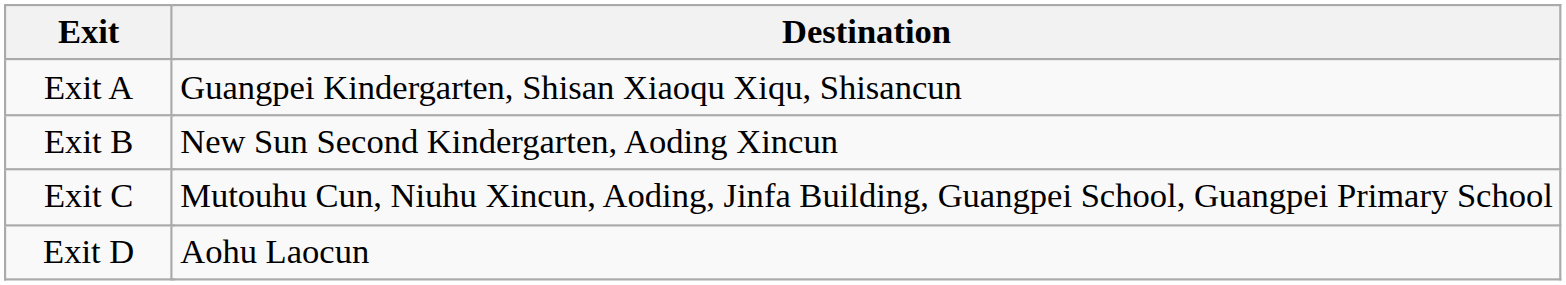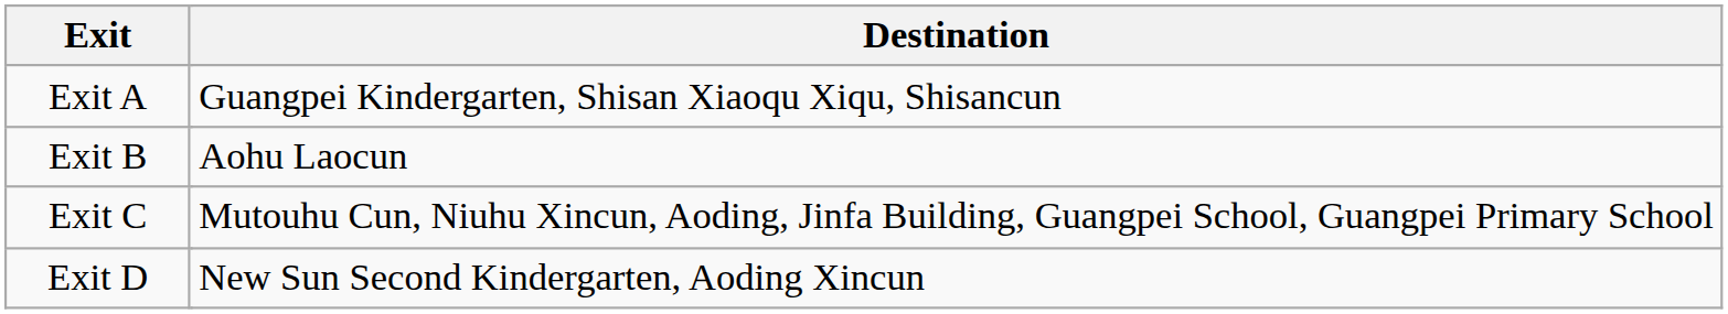 <table class="wikitable">
 <tr>
 <th style="width:70px" colspan="2">Exit</th>
 <th>Destination</th>
 </tr>
 <tr>
 <td align="center" colspan="2">Exit A</td>
 <td>Guangpei Kindergarten, Shisan Xiaoqu Xiqu, Shisancun</td>
 </tr>
 <tr>
 <td align="center" colspan="2">Exit B</td>
-<td>New Sun Second Kindergarten, Aoding Xincun</td>
+<td>Aohu Laocun</td>
 </tr>
 <tr>
 <td align="center" colspan="2">Exit C</td>
 <td>Mutouhu Cun, Niuhu Xincun, Aoding, Jinfa Building, Guangpei School, Guangpei Primary School</td>
 </tr>
 <tr>
 <td align="center" colspan="2">Exit D</td>
-<td>Aohu Laocun</td>
+<td>New Sun Second Kindergarten, Aoding Xincun</td>
 </tr>
 </table>
